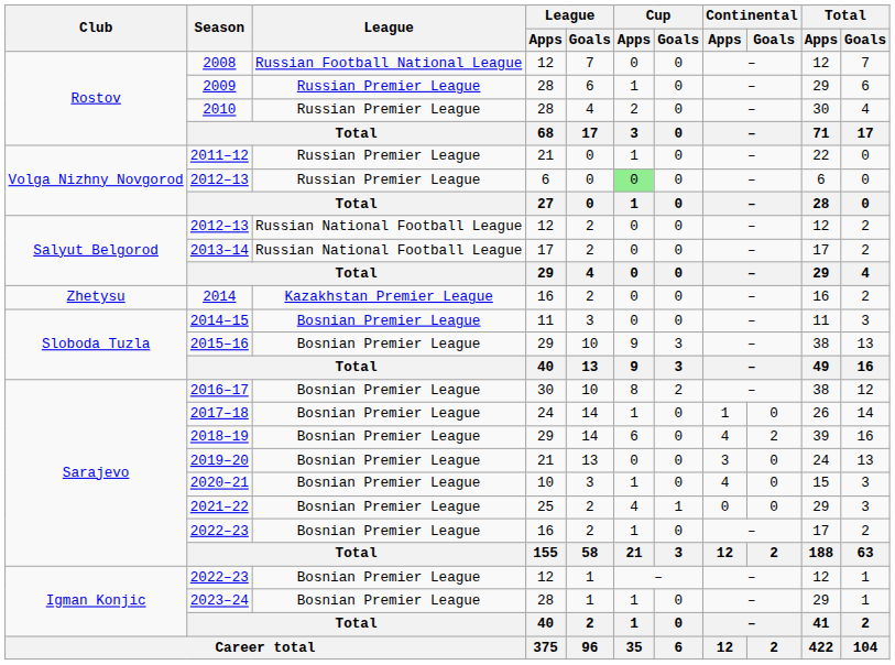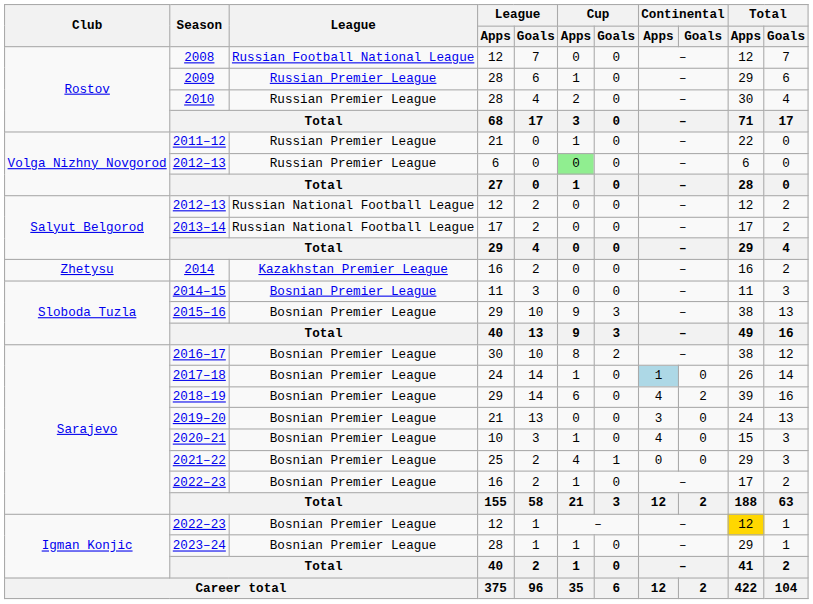 <table class="wikitable" style="text-align: center;font-size:90%">
 <tr>
 <th rowspan="2">Club</th>
 <th rowspan="2">Season</th>
 <th rowspan="2">League</th>
 <th colspan="2">League</th>
 <th colspan="2">Cup</th>
 <th colspan="2">Continental</th>
 <th colspan="2">Total</th>
 </tr>
 <tr>
 <th>Apps</th>
 <th>Goals</th>
 <th>Apps</th>
 <th>Goals</th>
 <th>Apps</th>
 <th>Goals</th>
 <th>Apps</th>
 <th>Goals</th>
 </tr>
 <tr>
 <td rowspan="4"><a href='#'>Rostov</a></td>
 <td><a href='#'>2008</a></td>
 <td><a href='#'>Russian Football National League</a></td>
 <td>12</td>
 <td>7</td>
 <td>0</td>
 <td>0</td>
 <td colspan="2">–</td>
 <td>12</td>
 <td>7</td>
 </tr>
 <tr>
 <td><a href='#'>2009</a></td>
 <td><a href='#'>Russian Premier League</a></td>
 <td>28</td>
 <td>6</td>
 <td>1</td>
 <td>0</td>
 <td colspan="2">–</td>
 <td>29</td>
 <td>6</td>
 </tr>
 <tr>
 <td><a href='#'>2010</a></td>
 <td>Russian Premier League</td>
 <td>28</td>
 <td>4</td>
 <td>2</td>
 <td>0</td>
 <td colspan="2">–</td>
 <td>30</td>
 <td>4</td>
 </tr>
 <tr>
 <th colspan=2>Total</th>
 <th>68</th>
 <th>17</th>
 <th>3</th>
 <th>0</th>
 <th colspan="2">–</th>
 <th>71</th>
 <th>17</th>
 </tr>
 <tr>
 <td rowspan="3"><a href='#'>Volga Nizhny Novgorod</a></td>
 <td><a href='#'>2011–12</a></td>
 <td>Russian Premier League</td>
 <td>21</td>
 <td>0</td>
 <td>1</td>
 <td>0</td>
 <td colspan="2">–</td>
 <td>22</td>
 <td>0</td>
 </tr>
 <tr>
 <td><a href='#'>2012–13</a></td>
 <td>Russian Premier League</td>
 <td>6</td>
 <td>0</td>
 <td style="background: lightgreen;">0</td>
 <td>0</td>
 <td colspan="2">–</td>
 <td>6</td>
 <td>0</td>
 </tr>
 <tr>
 <th colspan=2>Total</th>
 <th>27</th>
 <th>0</th>
 <th>1</th>
 <th>0</th>
 <th colspan="2">–</th>
 <th>28</th>
 <th>0</th>
 </tr>
 <tr>
 <td rowspan="3"><a href='#'>Salyut Belgorod</a></td>
 <td><a href='#'>2012–13</a></td>
 <td>Russian National Football League</td>
 <td>12</td>
 <td>2</td>
 <td>0</td>
 <td>0</td>
 <td colspan="2">–</td>
 <td>12</td>
 <td>2</td>
 </tr>
 <tr>
 <td><a href='#'>2013–14</a></td>
 <td>Russian National Football League</td>
 <td>17</td>
 <td>2</td>
 <td>0</td>
 <td>0</td>
 <td colspan="2">–</td>
 <td>17</td>
 <td>2</td>
 </tr>
 <tr>
 <th colspan=2>Total</th>
 <th>29</th>
 <th>4</th>
 <th>0</th>
 <th>0</th>
 <th colspan="2">–</th>
 <th>29</th>
 <th>4</th>
 </tr>
 <tr>
 <td><a href='#'>Zhetysu</a></td>
 <td><a href='#'>2014</a></td>
 <td><a href='#'>Kazakhstan Premier League</a></td>
 <td>16</td>
 <td>2</td>
 <td>0</td>
 <td>0</td>
 <td colspan="2">–</td>
 <td>16</td>
 <td>2</td>
 </tr>
 <tr>
 <td rowspan="3"><a href='#'>Sloboda Tuzla</a></td>
 <td><a href='#'>2014–15</a></td>
 <td><a href='#'>Bosnian Premier League</a></td>
 <td>11</td>
 <td>3</td>
 <td>0</td>
 <td>0</td>
 <td colspan="2">–</td>
 <td>11</td>
 <td>3</td>
 </tr>
 <tr>
 <td><a href='#'>2015–16</a></td>
 <td>Bosnian Premier League</td>
 <td>29</td>
 <td>10</td>
 <td>9</td>
 <td>3</td>
 <td colspan="2">–</td>
 <td>38</td>
 <td>13</td>
 </tr>
 <tr>
 <th colspan=2>Total</th>
 <th>40</th>
 <th>13</th>
 <th>9</th>
 <th>3</th>
 <th colspan="2">–</th>
 <th>49</th>
 <th>16</th>
 </tr>
 <tr>
 <td rowspan="8"><a href='#'>Sarajevo</a></td>
 <td><a href='#'>2016–17</a></td>
 <td>Bosnian Premier League</td>
 <td>30</td>
 <td>10</td>
 <td>8</td>
 <td>2</td>
 <td colspan="2">–</td>
 <td>38</td>
 <td>12</td>
 </tr>
 <tr>
 <td><a href='#'>2017–18</a></td>
 <td>Bosnian Premier League</td>
 <td>24</td>
 <td>14</td>
 <td>1</td>
 <td>0</td>
-<td>1</td>
+<td style="background: lightblue;">1</td>
 <td>0</td>
 <td>26</td>
 <td>14</td>
 </tr>
 <tr>
 <td><a href='#'>2018–19</a></td>
 <td>Bosnian Premier League</td>
 <td>29</td>
 <td>14</td>
 <td>6</td>
 <td>0</td>
 <td>4</td>
 <td>2</td>
 <td>39</td>
 <td>16</td>
 </tr>
 <tr>
 <td><a href='#'>2019–20</a></td>
 <td>Bosnian Premier League</td>
 <td>21</td>
 <td>13</td>
 <td>0</td>
 <td>0</td>
 <td>3</td>
 <td>0</td>
 <td>24</td>
 <td>13</td>
 </tr>
 <tr>
 <td><a href='#'>2020–21</a></td>
 <td>Bosnian Premier League</td>
 <td>10</td>
 <td>3</td>
 <td>1</td>
 <td>0</td>
 <td>4</td>
 <td>0</td>
 <td>15</td>
 <td>3</td>
 </tr>
 <tr>
 <td><a href='#'>2021–22</a></td>
 <td>Bosnian Premier League</td>
 <td>25</td>
 <td>2</td>
 <td>4</td>
 <td>1</td>
 <td>0</td>
 <td>0</td>
 <td>29</td>
 <td>3</td>
 </tr>
 <tr>
 <td><a href='#'>2022–23</a></td>
 <td>Bosnian Premier League</td>
 <td>16</td>
 <td>2</td>
 <td>1</td>
 <td>0</td>
 <td colspan="2">–</td>
 <td>17</td>
 <td>2</td>
 </tr>
 <tr>
 <th colspan=2>Total</th>
 <th>155</th>
 <th>58</th>
 <th>21</th>
 <th>3</th>
 <th>12</th>
 <th>2</th>
 <th>188</th>
 <th>63</th>
 </tr>
 <tr>
 <td rowspan="3"><a href='#'>Igman Konjic</a></td>
 <td><a href='#'>2022–23</a></td>
 <td>Bosnian Premier League</td>
 <td>12</td>
 <td>1</td>
 <td colspan="2">–</td>
 <td colspan="2">–</td>
-<td>12</td>
+<td style="background: gold;">12</td>
 <td>1</td>
 </tr>
 <tr>
 <td><a href='#'>2023–24</a></td>
 <td>Bosnian Premier League</td>
 <td>28</td>
 <td>1</td>
 <td>1</td>
 <td>0</td>
 <td colspan="2">–</td>
 <td>29</td>
 <td>1</td>
 </tr>
 <tr>
 <th colspan=2>Total</th>
 <th>40</th>
 <th>2</th>
 <th>1</th>
 <th>0</th>
 <th colspan="2">–</th>
 <th>41</th>
 <th>2</th>
 </tr>
 <tr>
 <th colspan=3>Career total</th>
 <th>375</th>
 <th>96</th>
 <th>35</th>
 <th>6</th>
 <th>12</th>
 <th>2</th>
 <th>422</th>
 <th>104</th>
 </tr>
 </table>
